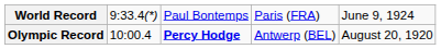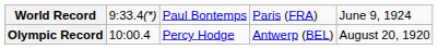 <table class="wikitable" style="font-size:95%;">
 <tr>
 <th>World Record</th>
 <td>9:33.4<em>(*)</em></td>
 <td> <a href='#'>Paul Bontemps</a></td>
 <td><a href='#'>Paris</a> (<a href='#'>FRA</a>)</td>
 <td>June 9, 1924</td>
 </tr>
 <tr>
 <th>Olympic Record</th>
 <td>10:00.4</td>
-<td><strong> <a href='#'>Percy Hodge</a></strong></td>
+<td> <a href='#'>Percy Hodge</a></td>
 <td><a href='#'>Antwerp</a> (<a href='#'>BEL</a>)</td>
 <td>August 20, 1920</td>
 </tr>
 </table>
